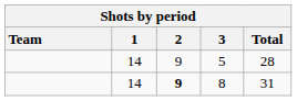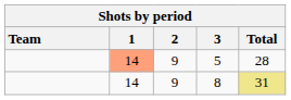 <table class="wikitable" style="width:20em; text-align:right;">
 <tr>
 <th colspan="6">Shots by period</th>
 </tr>
 <tr>
 <th style="width:8em; text-align:left;">Team</th>
 <th style="width:3em;">1</th>
 <th style="width:3em;">2</th>
 <th style="width:3em;">3</th>
 <th style="width:3em;">Total</th>
 </tr>
 <tr>
 <td style="text-align:left;"></td>
-<td style="text-align:center;">14</td>
+<td style="background: lightsalmon; text-align:center;">14</td>
 <td style="text-align:center;">9</td>
 <td style="text-align:center;">5</td>
 <td style="text-align:center;">28</td>
 </tr>
 <tr>
 <td style="text-align:left;"></td>
 <td style="text-align:center;">14</td>
-<td style="text-align:center;"><strong>9</strong></td>
+<td style="text-align:center;">9</td>
 <td style="text-align:center;">8</td>
-<td style="text-align:center;">31</td>
+<td style="background: khaki; text-align:center;">31</td>
 </tr>
 </table>
